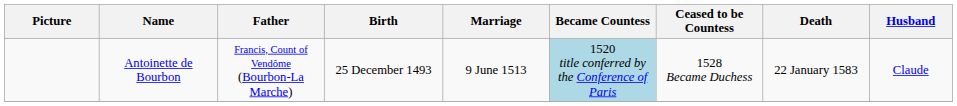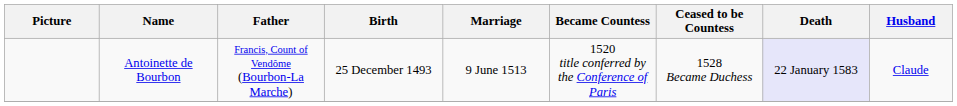 <table width=95% class="wikitable">
 <tr>
 <th width = "8%">Picture</th>
 <th width = "10%">Name</th>
 <th width = "9%">Father</th>
 <th width = "10%">Birth</th>
 <th width = "9%">Marriage</th>
 <th width = "9%">Became Countess</th>
 <th width = "9%">Ceased to be Countess</th>
 <th width = "9%">Death</th>
 <th width = "7%"><a href='#'>Husband</a></th>
 </tr>
 <tr>
 <td align="center"></td>
 <td align="center"><a href='#'>Antoinette de Bourbon</a></td>
 <td align="center"><small><a href='#'>Francis, Count of Vendôme</a></small><br>(<a href='#'>Bourbon-La Marche</a>)</td>
 <td align="center">25 December 1493</td>
 <td align="center">9 June 1513</td>
-<td align="center" style="background: lightblue;">1520<br><em>title conferred by the <a href='#'>Conference of Paris</a></em></td>
+<td align="center">1520<br><em>title conferred by the <a href='#'>Conference of Paris</a></em></td>
 <td align="center">1528<br><em>Became Duchess</em></td>
-<td align="center">22 January 1583</td>
+<td align="center" style="background: lavender;">22 January 1583</td>
 <td align="center"><a href='#'>Claude</a></td>
 </tr>
 <tr>
 </tr>
 </table>
